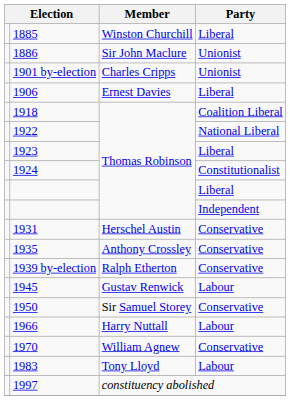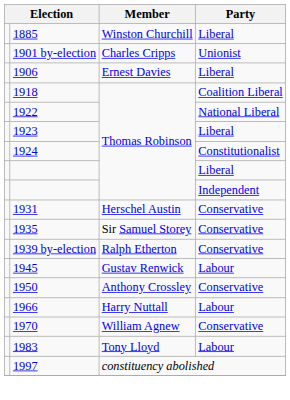 <table class="wikitable">
 <tr>
 <th colspan="2">Election</th>
 <th>Member</th>
 <th>Party</th>
 </tr>
 <tr>
 <td style="color:inherit;background-color: "></td>
 <td><a href='#'>1885</a></td>
 <td><a href='#'>Winston Churchill</a></td>
 <td><a href='#'>Liberal</a></td>
-</tr>
-<tr>
-<td style="color:inherit;background-color: "></td>
-<td><a href='#'>1886</a></td>
-<td><a href='#'>Sir John Maclure</a></td>
-<td><a href='#'>Unionist</a></td>
 </tr>
 <tr>
 <td style="color:inherit;background-color: "></td>
 <td><a href='#'>1901 by-election</a></td>
 <td><a href='#'>Charles Cripps</a></td>
 <td><a href='#'>Unionist</a></td>
 </tr>
 <tr>
 <td style="color:inherit;background-color: "></td>
 <td><a href='#'>1906</a></td>
 <td><a href='#'>Ernest Davies</a></td>
 <td><a href='#'>Liberal</a></td>
 </tr>
 <tr>
 <td style="color:inherit;background-color: "></td>
 <td><a href='#'>1918</a></td>
 <td rowspan=6><a href='#'>Thomas Robinson</a></td>
 <td><a href='#'>Coalition Liberal</a></td>
 </tr>
 <tr>
 <td style="color:inherit;background-color: "></td>
 <td><a href='#'>1922</a></td>
 <td><a href='#'>National Liberal</a></td>
 </tr>
 <tr>
 <td style="color:inherit;background-color: "></td>
 <td><a href='#'>1923</a></td>
 <td><a href='#'>Liberal</a></td>
 </tr>
 <tr>
 <td style="color:inherit;background-color: "></td>
 <td><a href='#'>1924</a></td>
 <td><a href='#'>Constitutionalist</a></td>
 </tr>
 <tr>
 <td style="color:inherit;background-color: "></td>
 <td></td>
 <td><a href='#'>Liberal</a></td>
 </tr>
 <tr>
 <td style="color:inherit;background-color: "></td>
 <td></td>
 <td><a href='#'>Independent</a></td>
 </tr>
 <tr>
 <td style="color:inherit;background-color: "></td>
 <td><a href='#'>1931</a></td>
 <td><a href='#'>Herschel Austin</a></td>
 <td><a href='#'>Conservative</a></td>
 </tr>
 <tr>
 <td style="color:inherit;background-color: "></td>
 <td><a href='#'>1935</a></td>
-<td><a href='#'>Anthony Crossley</a></td>
+<td>Sir <a href='#'>Samuel Storey</a></td>
 <td><a href='#'>Conservative</a></td>
 </tr>
 <tr>
 <td style="color:inherit;background-color: "></td>
 <td><a href='#'>1939 by-election</a></td>
 <td><a href='#'>Ralph Etherton</a></td>
 <td><a href='#'>Conservative</a></td>
 </tr>
 <tr>
 <td style="color:inherit;background-color: "></td>
 <td><a href='#'>1945</a></td>
 <td><a href='#'>Gustav Renwick</a></td>
 <td><a href='#'>Labour</a></td>
 </tr>
 <tr>
 <td style="color:inherit;background-color: "></td>
 <td><a href='#'>1950</a></td>
-<td>Sir <a href='#'>Samuel Storey</a></td>
+<td><a href='#'>Anthony Crossley</a></td>
 <td><a href='#'>Conservative</a></td>
 </tr>
 <tr>
 <td style="color:inherit;background-color: "></td>
 <td><a href='#'>1966</a></td>
 <td><a href='#'>Harry Nuttall</a></td>
 <td><a href='#'>Labour</a></td>
 </tr>
 <tr>
 <td style="color:inherit;background-color: "></td>
 <td><a href='#'>1970</a></td>
 <td><a href='#'>William Agnew</a></td>
 <td><a href='#'>Conservative</a></td>
 </tr>
 <tr>
 <td style="color:inherit;background-color: "></td>
 <td><a href='#'>1983</a></td>
 <td><a href='#'>Tony Lloyd</a></td>
 <td><a href='#'>Labour</a></td>
 </tr>
 <tr>
 <td></td>
 <td><a href='#'>1997</a></td>
 <td colspan="2"><em>constituency abolished</em></td>
 </tr>
 <tr>
 </tr>
 </table>
